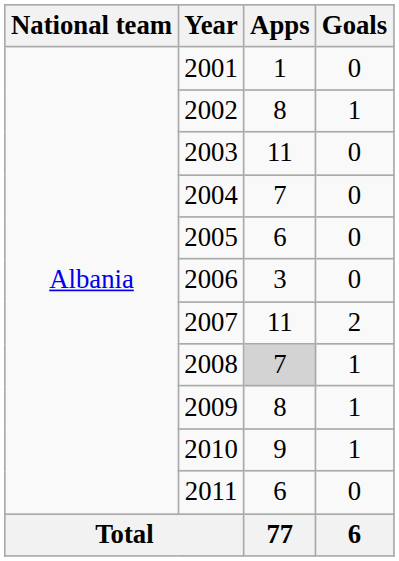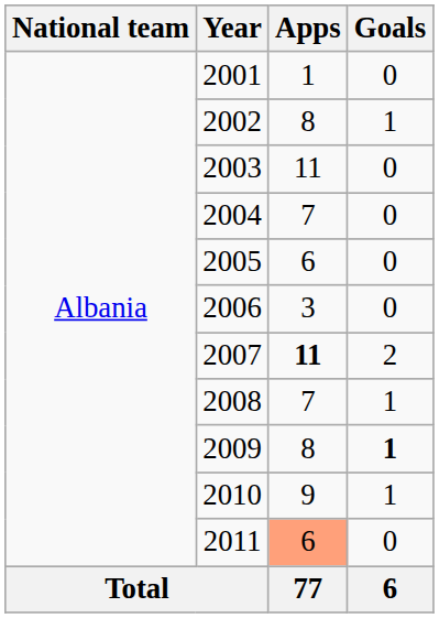 <table class="wikitable" style="text-align:center">
 <tr>
 <th>National team</th>
 <th>Year</th>
 <th>Apps</th>
 <th>Goals</th>
 </tr>
 <tr>
 <td rowspan="11"><a href='#'>Albania</a></td>
 <td>2001</td>
 <td>1</td>
 <td>0</td>
 </tr>
 <tr>
 <td>2002</td>
 <td>8</td>
 <td>1</td>
 </tr>
 <tr>
 <td>2003</td>
 <td>11</td>
 <td>0</td>
 </tr>
 <tr>
 <td>2004</td>
 <td>7</td>
 <td>0</td>
 </tr>
 <tr>
 <td>2005</td>
 <td>6</td>
 <td>0</td>
 </tr>
 <tr>
 <td>2006</td>
 <td>3</td>
 <td>0</td>
 </tr>
 <tr>
 <td>2007</td>
-<td>11</td>
+<td><strong>11</strong></td>
 <td>2</td>
 </tr>
 <tr>
 <td>2008</td>
-<td style="background: lightgrey;">7</td>
+<td>7</td>
 <td>1</td>
 </tr>
 <tr>
 <td>2009</td>
 <td>8</td>
-<td>1</td>
+<td><strong>1</strong></td>
 </tr>
 <tr>
 <td>2010</td>
 <td>9</td>
 <td>1</td>
 </tr>
 <tr>
 <td>2011</td>
-<td>6</td>
+<td style="background: lightsalmon;">6</td>
 <td>0</td>
 </tr>
 <tr>
 <th colspan="2">Total</th>
 <th>77</th>
 <th>6</th>
 </tr>
 </table>
